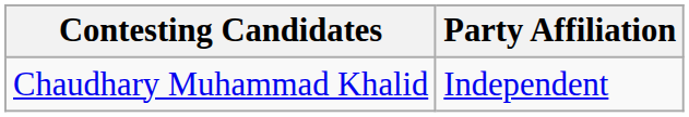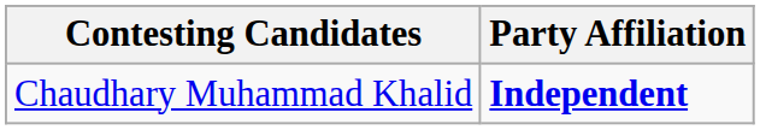 <table class="wikitable sortable">
 <tr>
 <th>Contesting Candidates</th>
 <th>Party Affiliation</th>
 </tr>
 <tr>
 <td><a href='#'>Chaudhary Muhammad Khalid</a></td>
-<td><a href='#'>Independent</a></td>
+<td><strong><a href='#'>Independent</a></strong></td>
 </tr>
 </table>
